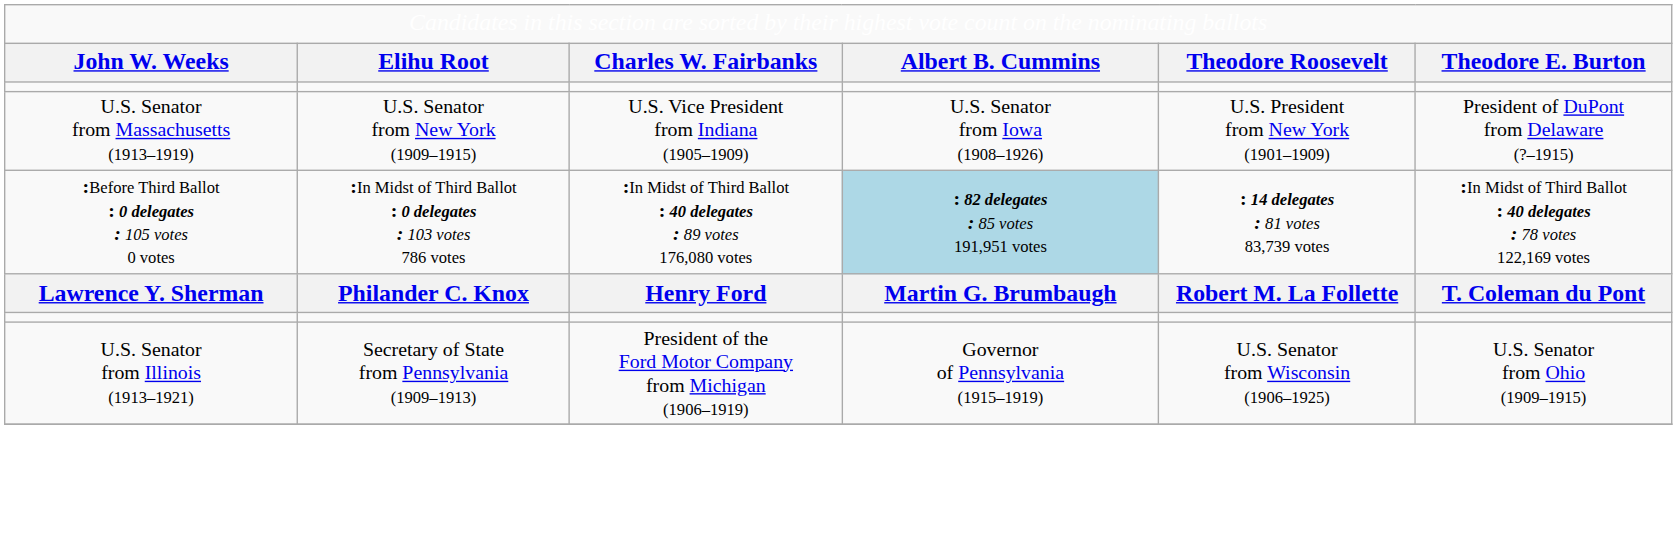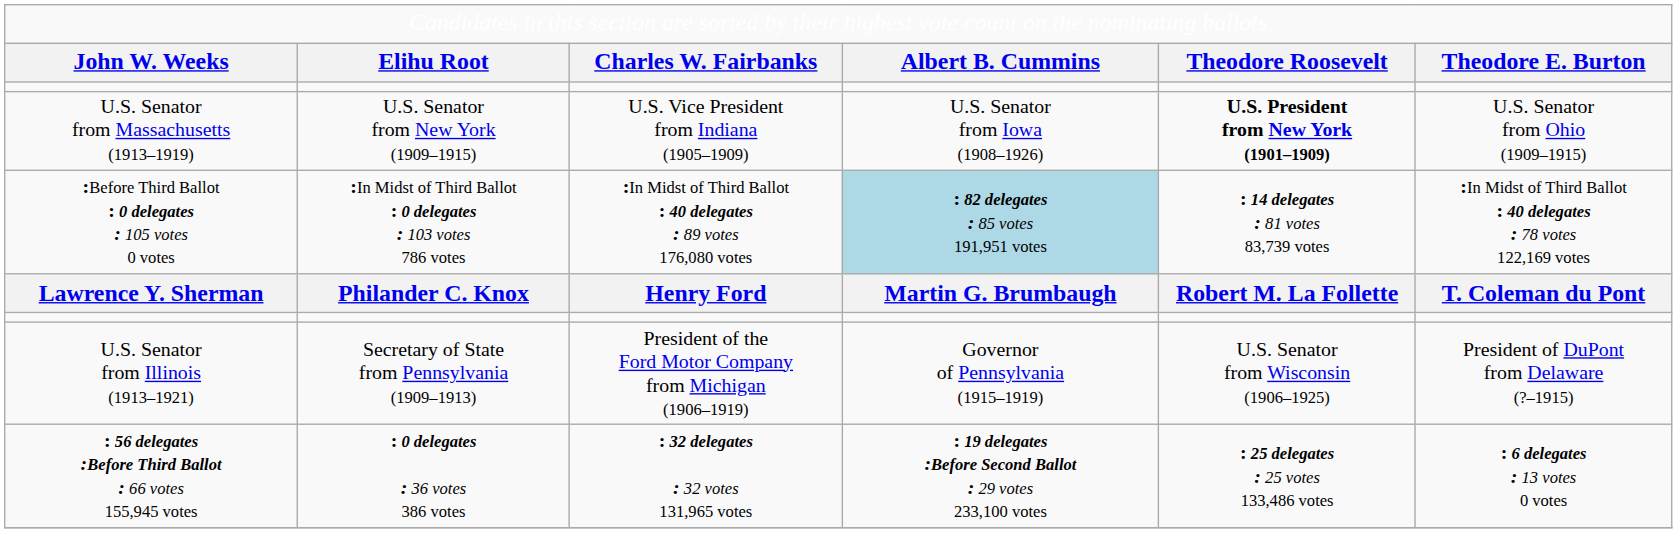 <table class="wikitable" style="font-size:90%">
 <tr>
 <td colspan="6" style="text-align:center; width:1200px; font-size:120%; color:white; background:"><em>Candidates in this section are sorted by their highest vote count on the nominating ballots</em></td>
 </tr>
 <tr>
 <th scope="col" style="width:3em; font-size:120%;"><a href='#'>John W. Weeks</a></th>
 <th scope="col" style="width:3em; font-size:120%;"><a href='#'>Elihu Root</a></th>
 <th scope="col" style="width:3em; font-size:120%;"><a href='#'>Charles W. Fairbanks</a></th>
 <th scope="col" style="width:3em; font-size:120%;"><a href='#'>Albert B. Cummins</a></th>
 <th scope="col" style="width:3em; font-size:120%;"><a href='#'>Theodore Roosevelt</a></th>
 <th scope="col" style="width:3em; font-size:120%;"><a href='#'>Theodore E. Burton</a></th>
 </tr>
 <tr>
 <td></td>
 <td></td>
 <td></td>
 <td></td>
 <td></td>
 <td></td>
 </tr>
 <tr style="text-align:center">
 <td>U.S. Senator<br>from <a href='#'>Massachusetts</a><br><small>(1913–1919)</small></td>
 <td>U.S. Senator<br>from <a href='#'>New York</a><br><small>(1909–1915)</small></td>
 <td>U.S. Vice President<br>from <a href='#'>Indiana</a><br><small>(1905–1909)</small></td>
 <td>U.S. Senator<br>from <a href='#'>Iowa</a><br><small>(1908–1926)</small></td>
-<td>U.S. President<br>from <a href='#'>New York</a><br><small>(1901–1909)</small></td>
-<td>President of <a href='#'>DuPont</a><br>from <a href='#'>Delaware</a><br><small>(?–1915)</small></td>
+<td><strong>U.S. President<br>from <a href='#'>New York</a><br><small>(1901–1909)</small></strong></td>
+<td>U.S. Senator<br>from <a href='#'>Ohio</a><br><small>(1909–1915)</small></td>
 </tr>
 <tr style="text-align:center">
 <td><strong>:</strong><small>Before Third Ballot</small><br><strong>:<strong><em><small> 0 delegates</small><em><br></strong>:</em></strong><small> 105 votes</small></em><br><small>0 votes</small></td>
 <td><strong>:</strong><small>In Midst of Third Ballot</small><br><strong>:<strong><em><small> 0 delegates</small><em><br></strong>:</em></strong><small> 103 votes</small></em><br><small>786 votes</small></td>
 <td><strong>:</strong><small>In Midst of Third Ballot</small><br><strong>:<strong><em><small> 40 delegates</small><em><br></strong>:</em></strong><small> 89 votes</small></em><br><small>176,080 votes</small></td>
 <td style="background: lightblue;"><strong>:<strong><em><small> 82 delegates</small><em><br></strong>:</em></strong><small> 85 votes</small></em><br><small>191,951 votes</small></td>
 <td><strong>:<strong><em><small> 14 delegates</small><em><br></strong>:</em></strong><small> 81 votes</small></em><br><small>83,739 votes</small></td>
 <td><strong>:</strong><small>In Midst of Third Ballot</small><br><strong>:<strong><em><small> 40 delegates</small><em><br></strong>:</em></strong><small> 78 votes</small></em><br><small>122,169 votes</small></td>
 </tr>
 <tr>
 <th scope="col" style="width:3em; font-size:120%;"><a href='#'>Lawrence Y. Sherman</a></th>
 <th scope="col" style="width:3em; font-size:120%;"><a href='#'>Philander C. Knox</a></th>
 <th scope="col" style="width:3em; font-size:120%;"><a href='#'>Henry Ford</a></th>
 <th scope="col" style="width:3em; font-size:120%;"><a href='#'>Martin G. Brumbaugh</a></th>
 <th scope="col" style="width:3em; font-size:120%;"><a href='#'>Robert M. La Follette</a></th>
 <th scope="col" style="width:3em; font-size:120%;"><a href='#'>T. Coleman du Pont</a></th>
 </tr>
 <tr>
 <td></td>
 <td></td>
 <td></td>
 <td></td>
 <td></td>
 <td></td>
 </tr>
 <tr style="text-align:center">
 <td>U.S. Senator<br>from <a href='#'>Illinois</a><br><small>(1913–1921)</small></td>
 <td>Secretary of State<br>from <a href='#'>Pennsylvania</a><br><small>(1909–1913)</small></td>
 <td>President of the<br><a href='#'>Ford Motor Company</a><br>from <a href='#'>Michigan</a><br><small>(1906–1919)</small></td>
 <td>Governor<br>of <a href='#'>Pennsylvania</a><br><small>(1915–1919)</small></td>
 <td>U.S. Senator<br>from <a href='#'>Wisconsin</a><br><small>(1906–1925)</small></td>
-<td>U.S. Senator<br>from <a href='#'>Ohio</a><br><small>(1909–1915)</small></td>
+<td>President of <a href='#'>DuPont</a><br>from <a href='#'>Delaware</a><br><small>(?–1915)</small></td>
+</tr>
+<tr style="text-align:center">
+<td><strong>:<strong><em><small> 56 delegates</small><em><br></strong>:<strong><small>Before Third Ballot</small><br></strong>:</em></strong><small> 66 votes</small></em><br><small>155,945 votes</small></td>
+<td><strong>:<strong><em><small> 0 delegates</small><em><br></strong><strong><br></strong>:</em></strong><small> 36 votes</small></em><br><small>386 votes</small></td>
+<td><strong>:<strong><em><small> 32 delegates</small><em><br></strong><strong><br></strong>:</em></strong><small> 32 votes</small></em><br><small>131,965 votes</small></td>
+<td><strong>:<strong><em><small> 19 delegates</small><em><br></strong>:<strong><small>Before Second Ballot</small><br></strong>:</em></strong><small> 29 votes</small></em><br><small>233,100 votes</small></td>
+<td><strong>:<strong><em><small> 25 delegates</small><em><br></strong>:</em></strong><small> 25 votes</small></em><br><small>133,486 votes</small></td>
+<td><strong>:<strong><em><small> 6 delegates</small><em><br></strong>:</em></strong><small> 13 votes</small></em><br><small>0 votes</small></td>
 </tr>
 <tr>
 </tr>
 </table>
